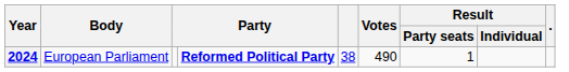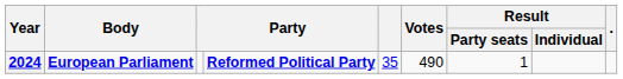 <table class="wikitable plainrowheaders sortable" border=2 cellpadding=4 cellspacing=0 style="border: 1px #aaa solid; font-size: 90%; text-align:center;">
 <tr>
 <th scope="col" rowspan=2>Year</th>
 <th scope="col" rowspan=2>Body</th>
 <th scope="col" colspan=2 rowspan=2>Party</th>
 <th scope="col" rowspan=2></th>
 <th scope="col" rowspan=2>Votes</th>
 <th scope="colgroup" colspan=2>Result</th>
 <th scope="col" rowspan=2>.</th>
 </tr>
 <tr>
 <th scope="col">Party seats</th>
 <th scope="col">Individual</th>
 </tr>
 <tr>
 <th scope="row"><a href='#'>2024</a></th>
-<td><a href='#'>European Parliament</a></td>
+<td><strong><a href='#'>European Parliament</a></strong></td>
 <td style="background-color:"></td>
 <td><strong><a href='#'>Reformed Political Party</a></strong></td>
-<td style=text-align:right><a href='#'>38</a></td>
+<td style=text-align:right><a href='#'>35</a></td>
 <td style=text-align:right>490</td>
 <td style=text-align:right>1</td>
 <td></td>
 <td></td>
 </tr>
 </table>
